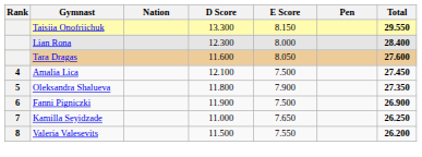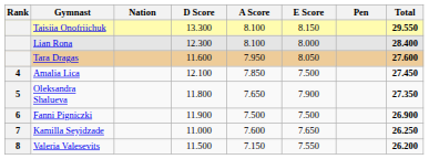 <table class="wikitable sortable" style="text-align:center; font-size:85%">
 <tr>
 <th scope="col" style="width:20px;">Rank</th>
 <th ! scope="col" style="width:170px;">Gymnast</th>
 <th ! scope="col" style="width:120px;">Nation</th>
 <th ! scope="col" style="width:120px;">D Score</th>
+<th ! scope="col" style="width:120px;">A Score</th>
 <th ! scope="col" style="width:120px;">E Score</th>
 <th ! scope="col" style="width:120px;">Pen</th>
 <th scope="col" style="width:60px;" !>Total</th>
 </tr>
 <tr bgcolor="fffcaf">
 <th scope="row"></th>
 <td align=left><a href='#'>Taisiia Onofriichuk</a></td>
 <td align="left"></td>
 <td>13.300</td>
+<td>8.100</td>
 <td>8.150</td>
 <td></td>
 <td><strong>29.550</strong></td>
 </tr>
 <tr bgcolor="e5e5e5">
 <th scope="row"></th>
 <td align=left><a href='#'>Lian Rona</a></td>
 <td align="left"></td>
 <td>12.300</td>
+<td>8.100</td>
 <td>8.000</td>
 <td></td>
 <td><strong>28.400</strong></td>
 </tr>
 <tr bgcolor="eecc99">
 <th scope="row"></th>
 <td align=left><a href='#'>Tara Dragas</a></td>
 <td align="left"></td>
 <td>11.600</td>
+<td>7.950</td>
 <td>8.050</td>
 <td></td>
 <td><strong>27.600</strong></td>
 </tr>
 <tr>
 <th scope=row>4</th>
 <td align=left><a href='#'>Amalia Lica</a></td>
 <td style="text-align:left;"></td>
 <td>12.100</td>
+<td>7.850</td>
 <td>7.500</td>
 <td></td>
 <td><strong>27.450</strong></td>
 </tr>
 <tr>
 <th scope=row>5</th>
 <td align=left><a href='#'>Oleksandra Shalueva</a></td>
 <td style="text-align:left;"></td>
 <td>11.800</td>
+<td>7.650</td>
 <td>7.900</td>
 <td></td>
 <td><strong>27.350</strong></td>
 </tr>
 <tr>
 <th scope=row>6</th>
 <td align=left><a href='#'>Fanni Pigniczki</a></td>
 <td style="text-align:left;"></td>
 <td>11.900</td>
 <td>7.500</td>
+<td>7.500</td>
 <td></td>
 <td><strong>26.900</strong></td>
 </tr>
 <tr>
 <th scope=row>7</th>
 <td align=left><a href='#'>Kamilla Seyidzade</a></td>
 <td style="text-align:left;"></td>
 <td>11.000</td>
+<td>7.600</td>
 <td>7.650</td>
 <td></td>
 <td><strong>26.250</strong></td>
 </tr>
 <tr>
 <th scope=row>8</th>
 <td align=left><a href='#'>Valeria Valesevits</a></td>
 <td style="text-align:left;"></td>
 <td>11.500</td>
+<td>7.150</td>
 <td>7.550</td>
 <td></td>
 <td><strong>26.200</strong></td>
 </tr>
 </table>
